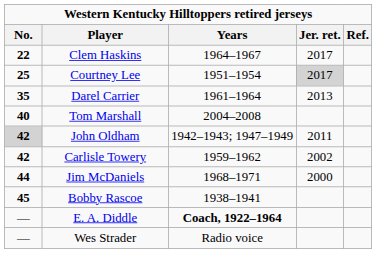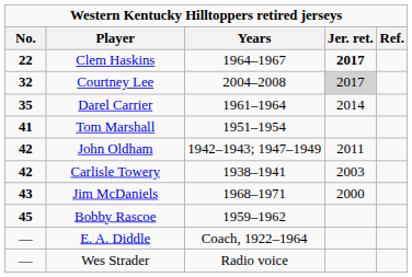 <table class="wikitable sortable" style="text-align:center">
 <tr>
 <td colspan=6><strong>Western Kentucky Hilltoppers retired jerseys</strong></td>
 </tr>
 <tr>
 <th width=40px>No.</th>
 <th width=150px>Player</th>
 <th width=px>Years</th>
 <th width=px>Jer. ret.</th>
 <th width=px>Ref.</th>
 </tr>
 <tr>
 <td><strong>22</strong></td>
 <td><a href='#'>Clem Haskins</a></td>
 <td>1964–1967</td>
-<td>2017</td>
+<td><strong>2017</strong></td>
 <td></td>
 </tr>
 <tr>
-<td><strong>25</strong></td>
+<td><strong>32</strong></td>
 <td><a href='#'>Courtney Lee</a></td>
-<td>1951–1954</td>
+<td>2004–2008</td>
 <td style="background: lightgrey;">2017</td>
 <td></td>
 </tr>
 <tr>
 <td><strong>35</strong></td>
 <td><a href='#'>Darel Carrier</a></td>
 <td>1961–1964</td>
-<td>2013</td>
+<td>2014</td>
 <td></td>
 </tr>
 <tr>
-<td><strong>40</strong></td>
+<td><strong>41</strong></td>
 <td><a href='#'>Tom Marshall</a></td>
-<td>2004–2008</td>
+<td>1951–1954</td>
 <td></td>
 <td></td>
 </tr>
 <tr>
-<td style="background: lightgrey;"><strong>42</strong></td>
+<td><strong>42</strong></td>
 <td><a href='#'>John Oldham</a></td>
 <td>1942–1943; 1947–1949</td>
 <td>2011</td>
 <td></td>
 </tr>
 <tr>
 <td><strong>42</strong></td>
 <td><a href='#'>Carlisle Towery</a></td>
-<td>1959–1962</td>
-<td>2002</td>
+<td>1938–1941</td>
+<td>2003</td>
 <td></td>
 </tr>
 <tr>
-<td><strong>44</strong></td>
+<td><strong>43</strong></td>
 <td><a href='#'>Jim McDaniels</a></td>
 <td>1968–1971</td>
 <td>2000</td>
 <td></td>
 </tr>
 <tr>
 <td><strong>45</strong></td>
 <td><a href='#'>Bobby Rascoe</a></td>
-<td>1938–1941</td>
+<td>1959–1962</td>
 <td></td>
 <td></td>
 </tr>
 <tr>
 <td>—</td>
 <td><a href='#'>E. A. Diddle</a></td>
-<td><strong>Coach, 1922–1964</strong></td>
+<td>Coach, 1922–1964</td>
 <td></td>
 <td></td>
 </tr>
 <tr>
 <td>—</td>
 <td>Wes Strader</td>
 <td>Radio voice</td>
 <td></td>
 <td></td>
 </tr>
 </table>
